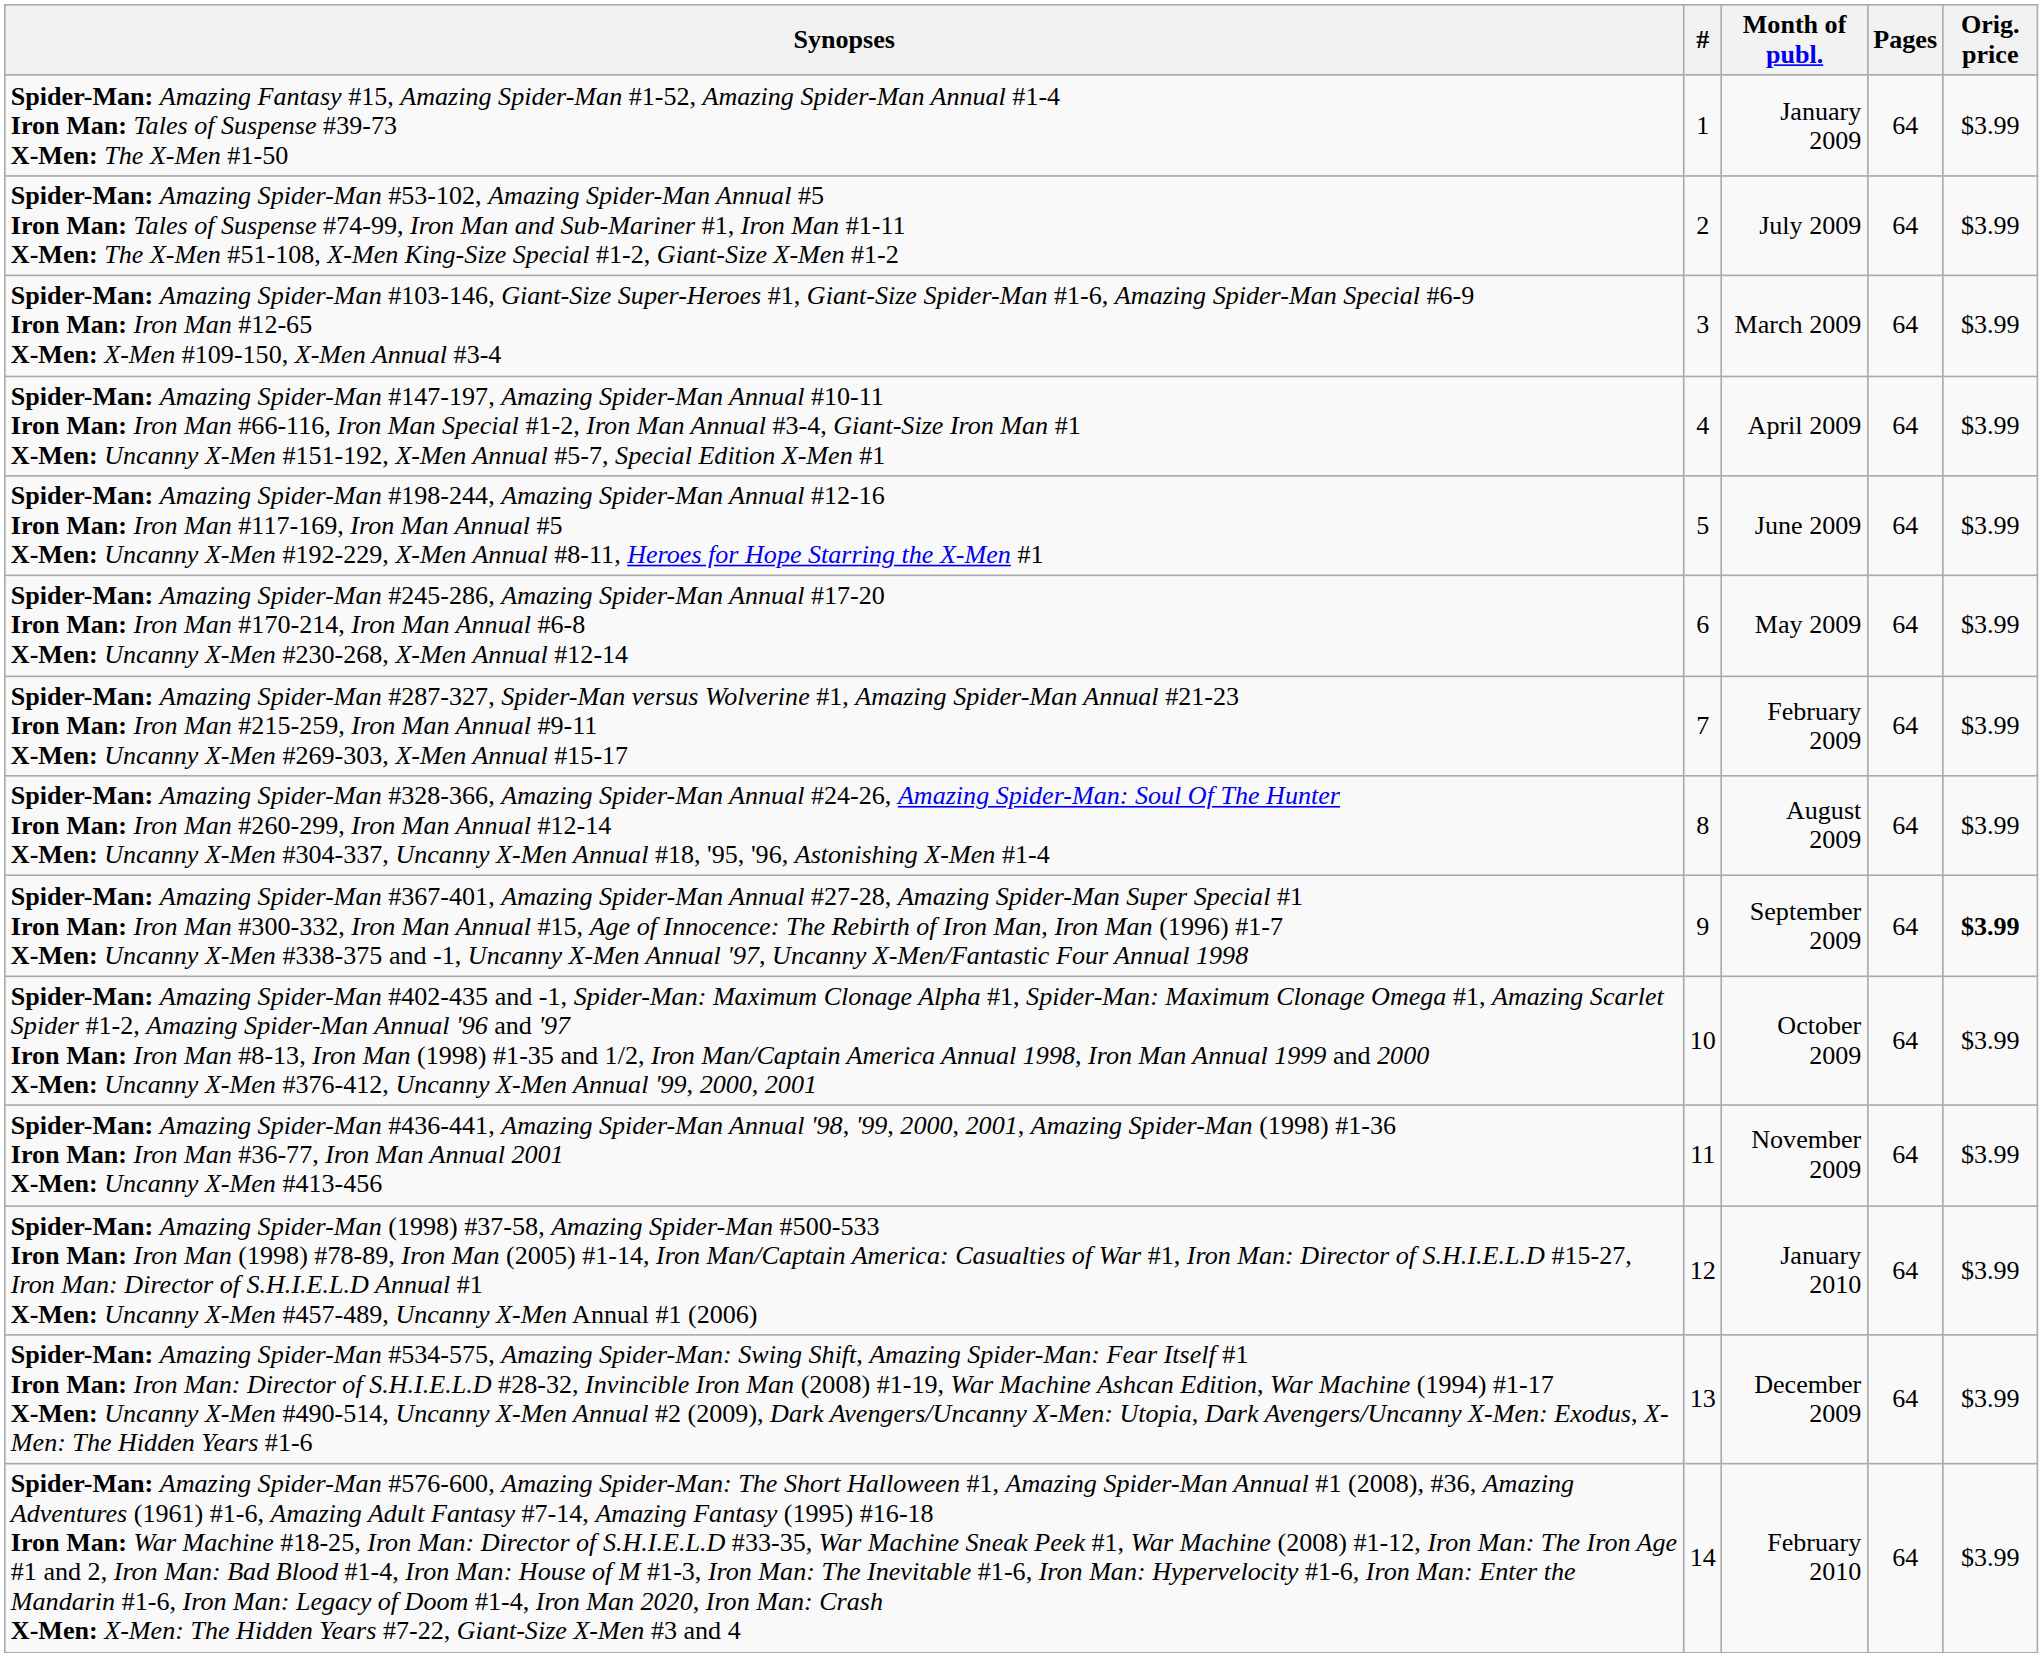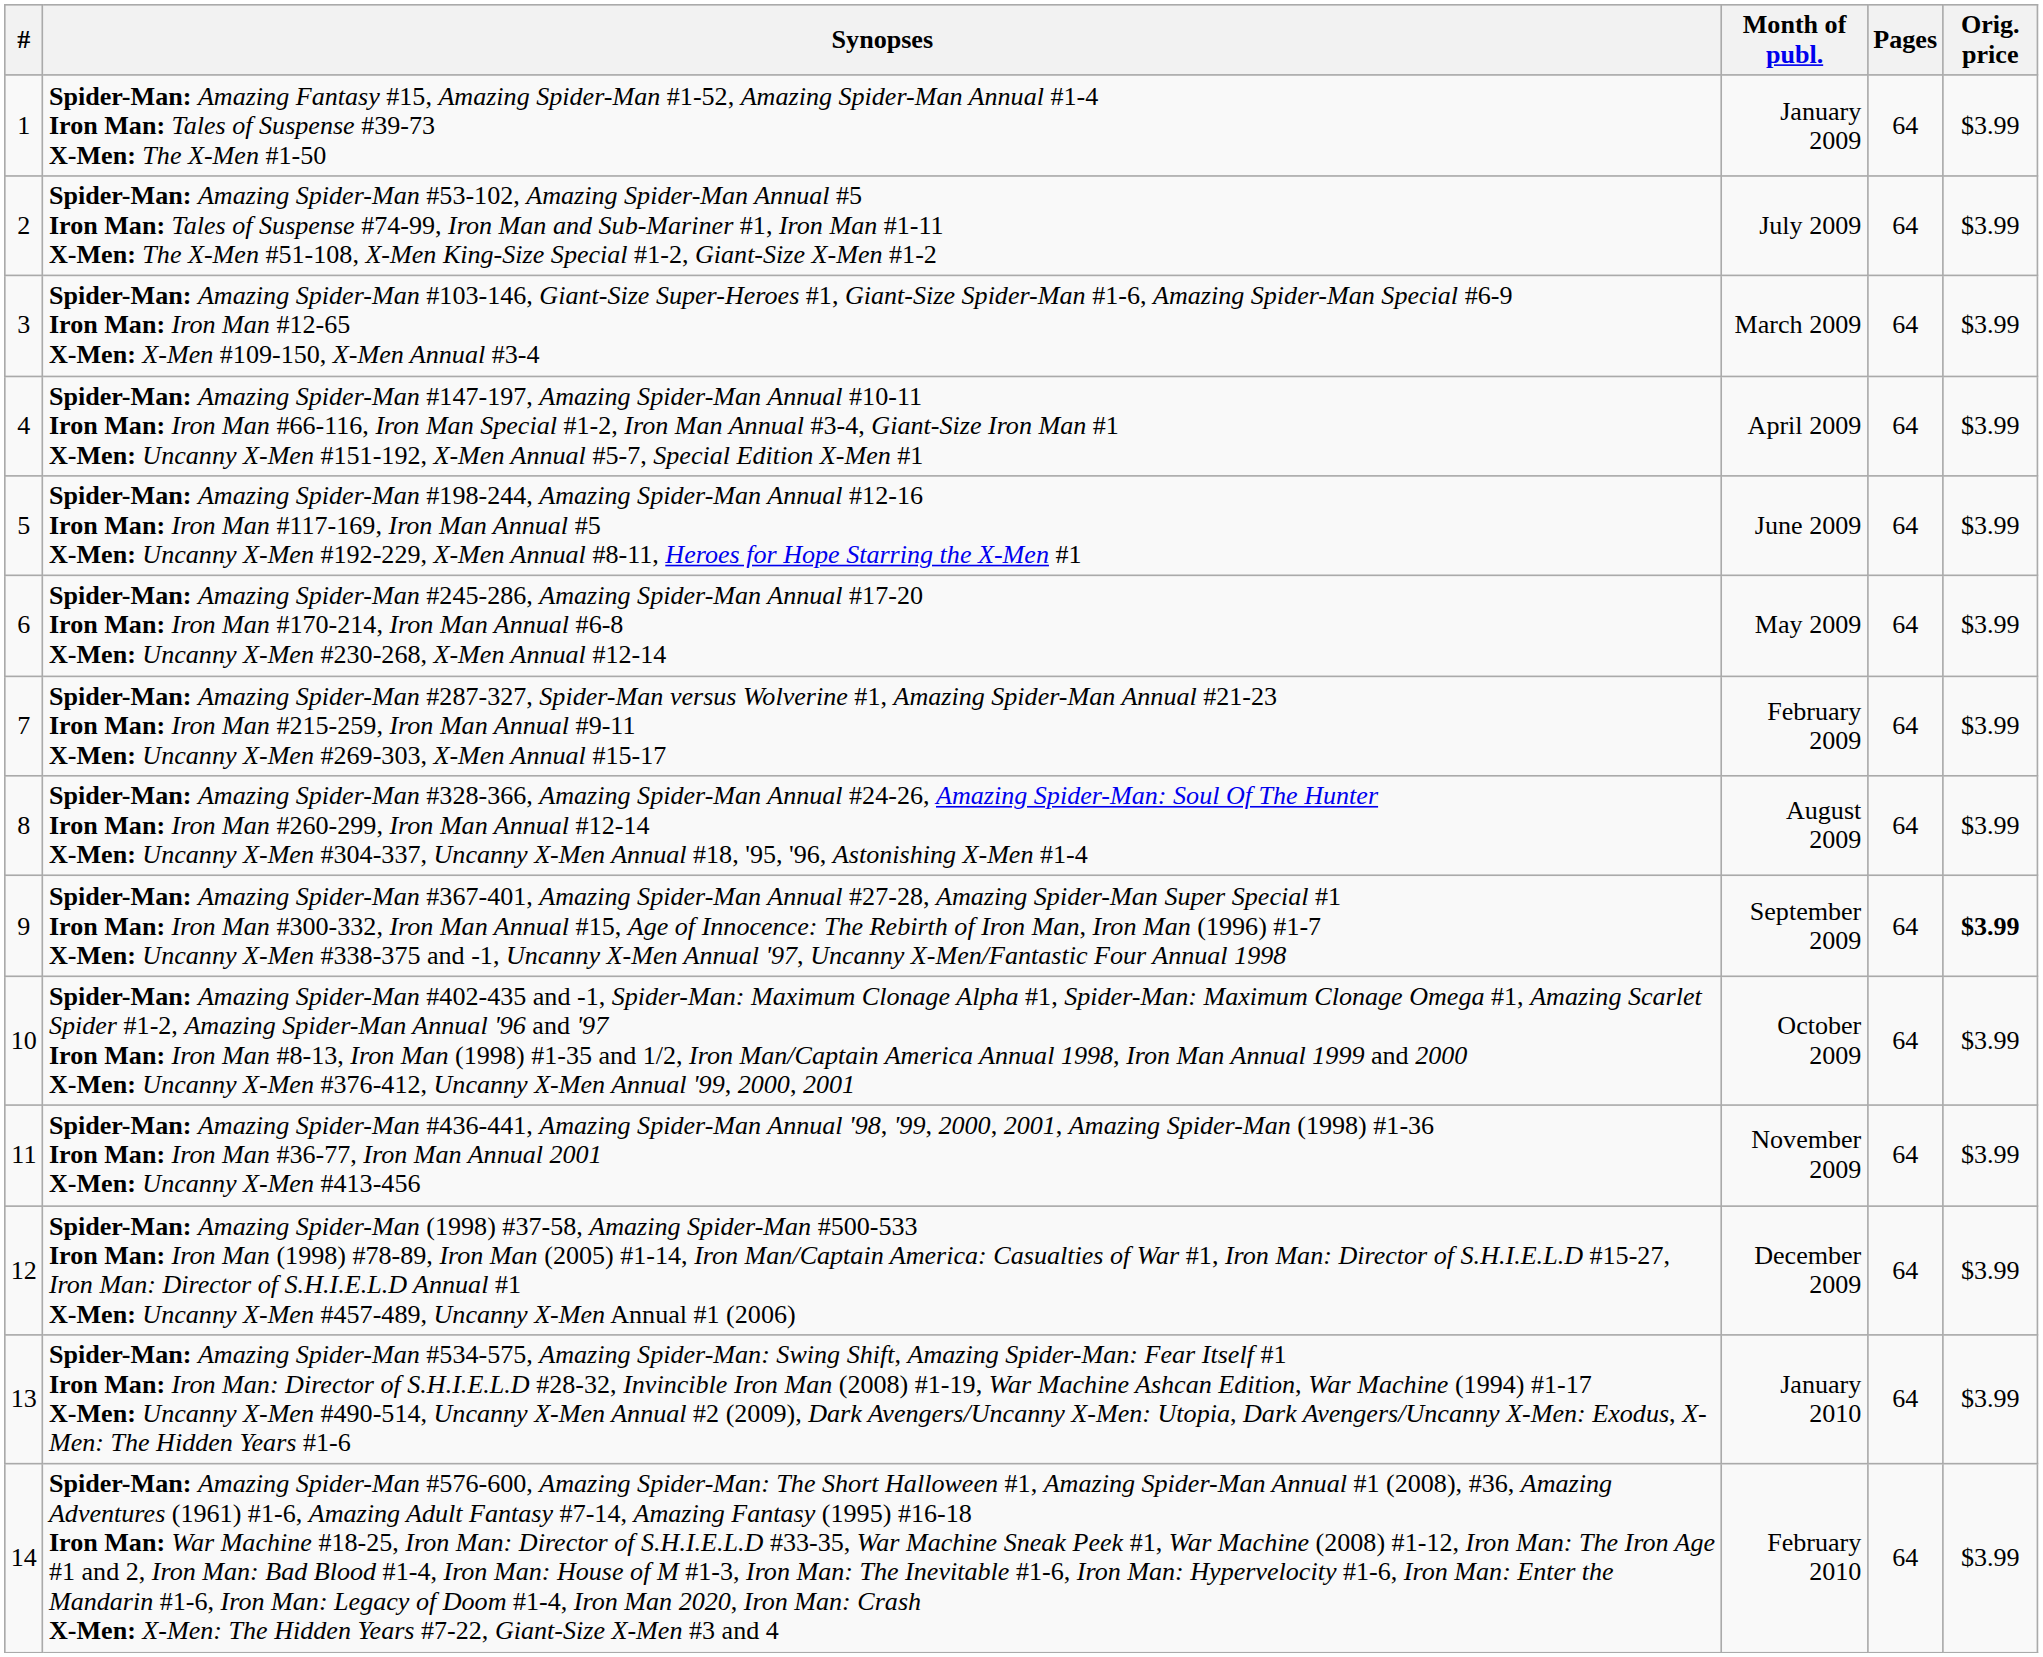 <table class="wikitable">
 <tr>
+<th>#</th>
 <th>Synopses</th>
-<th>#</th>
 <th>Month of <a href='#'>publ.</a></th>
 <th>Pages</th>
 <th>Orig. price</th>
 </tr>
 <tr align="center">
+<td>1</td>
 <td align="left"><strong>Spider-Man:</strong> <em>Amazing Fantasy</em> #15, <em>Amazing Spider-Man</em> #1-52, <em>Amazing Spider-Man Annual</em> #1-4<br><strong>Iron Man:</strong> <em>Tales of Suspense</em> #39-73<br><strong>X-Men:</strong> <em>The X-Men</em> #1-50</td>
-<td>1</td>
 <td align="right">January 2009</td>
 <td>64</td>
 <td>$3.99</td>
 </tr>
 <tr align="center">
+<td>2</td>
 <td align="left"><strong>Spider-Man:</strong> <em>Amazing Spider-Man</em> #53-102, <em>Amazing Spider-Man Annual</em> #5<br><strong>Iron Man:</strong> <em>Tales of Suspense</em> #74-99, <em>Iron Man and Sub-Mariner</em> #1, <em>Iron Man</em> #1-11<br><strong>X-Men:</strong> <em>The X-Men</em> #51-108, <em>X-Men King-Size Special</em> #1-2, <em>Giant-Size X-Men</em> #1-2</td>
-<td>2</td>
 <td align="right">July 2009</td>
 <td>64</td>
 <td>$3.99</td>
 </tr>
 <tr align="center">
+<td>3</td>
 <td align="left"><strong>Spider-Man:</strong> <em>Amazing Spider-Man</em> #103-146, <em>Giant-Size Super-Heroes</em> #1, <em>Giant-Size Spider-Man</em> #1-6, <em>Amazing Spider-Man Special</em> #6-9<br><strong>Iron Man:</strong> <em>Iron Man</em> #12-65<br><strong>X-Men:</strong> <em>X-Men</em> #109-150, <em>X-Men Annual</em> #3-4</td>
-<td>3</td>
 <td align="right">March 2009</td>
 <td>64</td>
 <td>$3.99</td>
 </tr>
 <tr align="center">
+<td>4</td>
 <td align="left"><strong>Spider-Man:</strong> <em>Amazing Spider-Man</em> #147-197, <em>Amazing Spider-Man Annual</em> #10-11<br><strong>Iron Man:</strong> <em>Iron Man</em> #66-116, <em>Iron Man Special</em> #1-2, <em>Iron Man Annual</em> #3-4, <em>Giant-Size Iron Man</em> #1<br><strong>X-Men:</strong> <em>Uncanny X-Men</em> #151-192, <em>X-Men Annual</em> #5-7, <em>Special Edition X-Men</em> #1</td>
-<td>4</td>
 <td align="right">April 2009</td>
 <td>64</td>
 <td>$3.99</td>
 </tr>
 <tr align="center">
+<td>5</td>
 <td align="left"><strong>Spider-Man:</strong> <em>Amazing Spider-Man</em> #198-244, <em>Amazing Spider-Man Annual</em> #12-16<br><strong>Iron Man:</strong> <em>Iron Man</em> #117-169, <em>Iron Man Annual</em> #5<br><strong>X-Men:</strong> <em>Uncanny X-Men</em> #192-229, <em>X-Men Annual</em> #8-11, <em><a href='#'>Heroes for Hope Starring the X-Men</a></em> #1</td>
-<td>5</td>
 <td align="right">June 2009</td>
 <td>64</td>
 <td>$3.99</td>
 </tr>
 <tr align="center">
+<td>6</td>
 <td align="left"><strong>Spider-Man:</strong> <em>Amazing Spider-Man</em> #245-286, <em>Amazing Spider-Man Annual</em> #17-20<br><strong>Iron Man:</strong> <em>Iron Man</em> #170-214, <em>Iron Man Annual</em> #6-8<br><strong>X-Men:</strong> <em>Uncanny X-Men</em> #230-268, <em>X-Men Annual</em> #12-14</td>
-<td>6</td>
 <td align="right">May 2009</td>
 <td>64</td>
 <td>$3.99</td>
 </tr>
 <tr align="center">
+<td>7</td>
 <td align="left"><strong>Spider-Man:</strong> <em>Amazing Spider-Man</em> #287-327, <em>Spider-Man versus Wolverine</em> #1, <em>Amazing Spider-Man Annual</em> #21-23<br><strong>Iron Man:</strong> <em>Iron Man</em> #215-259, <em>Iron Man Annual</em> #9-11<br><strong>X-Men:</strong> <em>Uncanny X-Men</em> #269-303, <em>X-Men Annual</em> #15-17</td>
-<td>7</td>
 <td align="right">February 2009</td>
 <td>64</td>
 <td>$3.99</td>
 </tr>
 <tr align="center">
+<td>8</td>
 <td align="left"><strong>Spider-Man:</strong> <em>Amazing Spider-Man</em> #328-366, <em>Amazing Spider-Man Annual</em> #24-26, <em><a href='#'>Amazing Spider-Man: Soul Of The Hunter</a></em><br><strong>Iron Man:</strong> <em>Iron Man</em> #260-299, <em>Iron Man Annual</em> #12-14<br><strong>X-Men:</strong> <em>Uncanny X-Men</em> #304-337, <em>Uncanny X-Men Annual</em> #18, '95, '96, <em>Astonishing X-Men</em> #1-4</td>
-<td>8</td>
 <td align="right">August 2009</td>
 <td>64</td>
 <td>$3.99</td>
 </tr>
 <tr align="center">
+<td>9</td>
 <td align="left"><strong>Spider-Man:</strong> <em>Amazing Spider-Man</em> #367-401, <em>Amazing Spider-Man Annual</em> #27-28, <em>Amazing Spider-Man Super Special</em> #1<br><strong>Iron Man:</strong> <em>Iron Man</em> #300-332, <em>Iron Man Annual</em> #15, <em>Age of Innocence: The Rebirth of Iron Man</em>, <em>Iron Man</em> (1996) #1-7<br><strong>X-Men:</strong> <em>Uncanny X-Men</em> #338-375 and -1, <em>Uncanny X-Men Annual '97</em>, <em>Uncanny X-Men/Fantastic Four Annual 1998</em></td>
-<td>9</td>
 <td align="right">September 2009</td>
 <td>64</td>
 <td><strong>$3.99</strong></td>
 </tr>
 <tr align="center">
+<td>10</td>
 <td align="left"><strong>Spider-Man:</strong> <em>Amazing Spider-Man</em> #402-435 and -1, <em>Spider-Man: Maximum Clonage Alpha</em> #1, <em>Spider-Man: Maximum Clonage Omega</em> #1, <em>Amazing Scarlet Spider</em> #1-2, <em>Amazing Spider-Man Annual '96</em> and <em> '97</em><br><strong>Iron Man:</strong> <em>Iron Man</em> #8-13, <em>Iron Man</em> (1998) #1-35 and 1/2, <em>Iron Man/Captain America Annual 1998</em>, <em>Iron Man Annual 1999</em> and <em>2000</em><br><strong>X-Men:</strong> <em>Uncanny X-Men</em> #376-412, <em>Uncanny X-Men Annual '99</em>, <em>2000</em>, <em>2001</em></td>
-<td>10</td>
 <td align="right">October 2009</td>
 <td>64</td>
 <td>$3.99</td>
 </tr>
 <tr align="center">
+<td>11</td>
 <td align="left"><strong>Spider-Man:</strong> <em>Amazing Spider-Man</em> #436-441, <em>Amazing Spider-Man Annual '98</em>, <em> '99</em>, <em>2000</em>, <em>2001</em>, <em>Amazing Spider-Man</em> (1998) #1-36<br><strong>Iron Man:</strong> <em>Iron Man</em> #36-77, <em>Iron Man Annual 2001</em><br><strong>X-Men:</strong> <em>Uncanny X-Men</em> #413-456</td>
-<td>11</td>
 <td align="right">November 2009</td>
 <td>64</td>
 <td>$3.99</td>
 </tr>
 <tr align="center">
+<td>12</td>
 <td align="left"><strong>Spider-Man:</strong> <em>Amazing Spider-Man</em> (1998) #37-58, <em>Amazing Spider-Man</em>  #500-533<br><strong>Iron Man:</strong> <em>Iron Man</em> (1998) #78-89, <em>Iron Man</em> (2005) #1-14, <em>Iron Man/Captain America: Casualties of War</em> #1, <em>Iron Man: Director of S.H.I.E.L.D</em> #15-27, <em>Iron Man: Director of S.H.I.E.L.D Annual</em> #1<br><strong>X-Men:</strong> <em>Uncanny X-Men</em> #457-489, <em>Uncanny X-Men</em> Annual #1 (2006)</td>
-<td>12</td>
+<td align="right">December 2009</td>
+<td>64</td>
+<td>$3.99</td>
+</tr>
+<tr align="center">
+<td>13</td>
+<td align="left"><strong>Spider-Man:</strong> <em>Amazing Spider-Man</em> #534-575, <em>Amazing Spider-Man: Swing Shift</em>, <em>Amazing Spider-Man: Fear Itself</em> #1<br><strong>Iron Man:</strong> <em>Iron Man: Director of S.H.I.E.L.D</em> #28-32, <em>Invincible Iron Man</em> (2008) #1-19, <em>War Machine Ashcan Edition</em>, <em>War Machine</em> (1994) #1-17<br><strong>X-Men:</strong> <em>Uncanny X-Men</em> #490-514, <em>Uncanny X-Men Annual</em> #2 (2009), <em>Dark Avengers/Uncanny X-Men: Utopia</em>, <em>Dark Avengers/Uncanny X-Men: Exodus</em>, <em>X-Men: The Hidden Years</em> #1-6</td>
 <td align="right">January 2010</td>
 <td>64</td>
 <td>$3.99</td>
 </tr>
 <tr align="center">
-<td align="left"><strong>Spider-Man:</strong> <em>Amazing Spider-Man</em> #534-575, <em>Amazing Spider-Man: Swing Shift</em>, <em>Amazing Spider-Man: Fear Itself</em> #1<br><strong>Iron Man:</strong> <em>Iron Man: Director of S.H.I.E.L.D</em> #28-32, <em>Invincible Iron Man</em> (2008) #1-19, <em>War Machine Ashcan Edition</em>, <em>War Machine</em> (1994) #1-17<br><strong>X-Men:</strong> <em>Uncanny X-Men</em> #490-514, <em>Uncanny X-Men Annual</em> #2 (2009), <em>Dark Avengers/Uncanny X-Men: Utopia</em>, <em>Dark Avengers/Uncanny X-Men: Exodus</em>, <em>X-Men: The Hidden Years</em> #1-6</td>
-<td>13</td>
-<td align="right">December 2009</td>
-<td>64</td>
-<td>$3.99</td>
-</tr>
-<tr align="center">
+<td>14</td>
 <td align="left"><strong>Spider-Man:</strong> <em>Amazing Spider-Man</em> #576-600, <em>Amazing Spider-Man: The Short Halloween</em> #1, <em>Amazing Spider-Man Annual</em> #1 (2008), #36, <em>Amazing Adventures</em> (1961) #1-6, <em>Amazing Adult Fantasy</em> #7-14, <em>Amazing Fantasy</em> (1995) #16-18<br><strong>Iron Man:</strong> <em>War Machine</em> #18-25, <em>Iron Man: Director of S.H.I.E.L.D</em> #33-35, <em>War Machine Sneak Peek</em> #1, <em>War Machine</em> (2008) #1-12, <em>Iron Man: The Iron Age</em> #1 and 2, <em>Iron Man: Bad Blood</em> #1-4, <em>Iron Man: House of M</em> #1-3, <em>Iron Man: The Inevitable</em> #1-6, <em>Iron Man: Hypervelocity</em> #1-6, <em>Iron Man: Enter the Mandarin</em> #1-6, <em>Iron Man: Legacy of Doom</em> #1-4, <em>Iron Man 2020</em>, <em>Iron Man: Crash</em><br><strong>X-Men:</strong> <em>X-Men: The Hidden Years</em> #7-22, <em>Giant-Size X-Men </em> #3 and 4</td>
-<td>14</td>
 <td align="right">February 2010</td>
 <td>64</td>
 <td>$3.99</td>
 </tr>
 </table>
